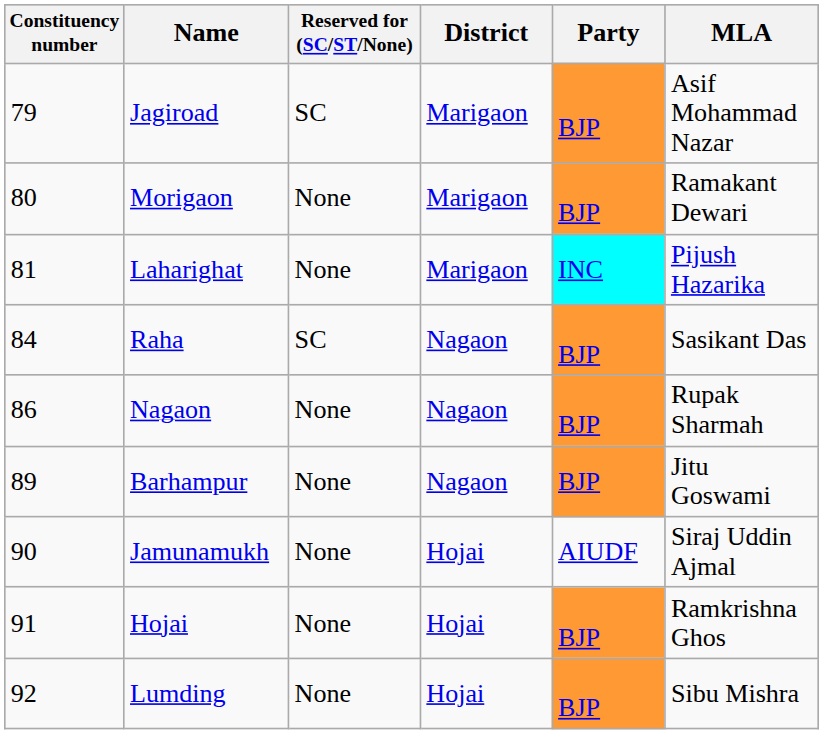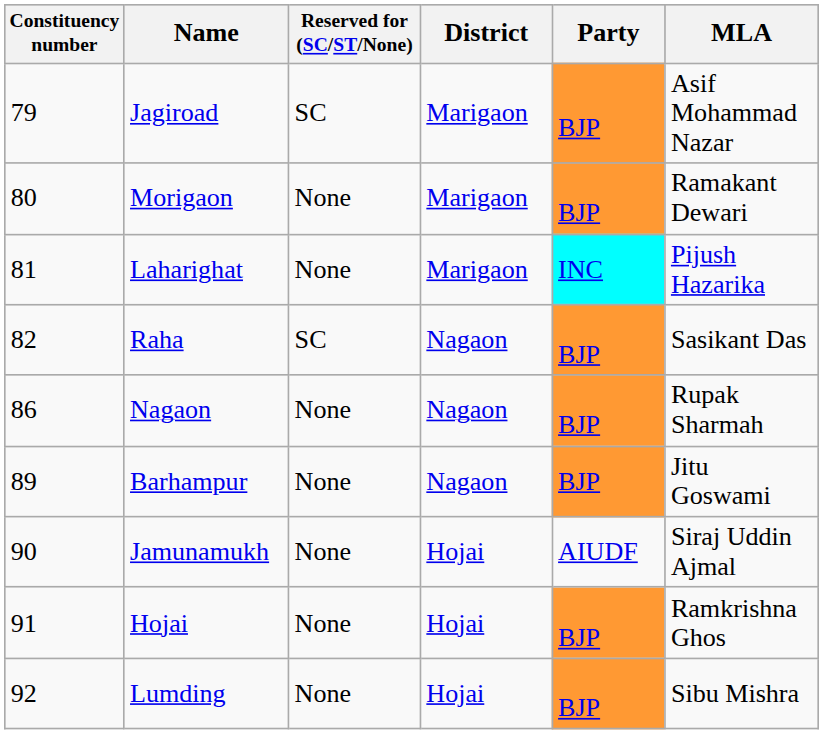 <table class="wikitable" width="500px">
 <tr>
 <th width="50px" style="font-size:75%">Constituency number</th>
 <th width="150px">Name</th>
 <th width="100px" style="font-size:75%">Reserved for (<a href='#'>SC</a>/<a href='#'>ST</a>/None)</th>
 <th width="150px">District</th>
 <th width="150px">Party</th>
 <th width="150px">MLA</th>
 </tr>
 <tr>
 <td>79</td>
 <td><a href='#'>Jagiroad</a></td>
 <td>SC</td>
 <td><a href='#'>Marigaon</a></td>
 <td bgcolor=#FF9933><br><a href='#'>BJP</a></td>
 <td>Asif Mohammad Nazar</td>
 </tr>
 <tr>
 <td>80</td>
 <td><a href='#'>Morigaon</a></td>
 <td>None</td>
 <td><a href='#'>Marigaon</a></td>
 <td bgcolor=#FF9933><br><a href='#'>BJP</a></td>
 <td>Ramakant Dewari</td>
 </tr>
 <tr>
 <td>81</td>
 <td><a href='#'>Laharighat</a></td>
 <td>None</td>
 <td><a href='#'>Marigaon</a></td>
 <td bgcolor=#00FFFF><a href='#'>INC</a></td>
 <td><a href='#'>Pijush Hazarika</a></td>
 </tr>
 <tr>
-<td>84</td>
+<td>82</td>
 <td><a href='#'>Raha</a></td>
 <td>SC</td>
 <td><a href='#'>Nagaon</a></td>
 <td bgcolor=#FF9933><br><a href='#'>BJP</a></td>
 <td>Sasikant Das</td>
 </tr>
 <tr>
 <td>86</td>
 <td><a href='#'>Nagaon</a></td>
 <td>None</td>
 <td><a href='#'>Nagaon</a></td>
 <td bgcolor=#FF9933><br><a href='#'>BJP</a></td>
 <td>Rupak Sharmah</td>
 </tr>
 <tr>
 <td>89</td>
 <td><a href='#'>Barhampur</a></td>
 <td>None</td>
 <td><a href='#'>Nagaon</a></td>
 <td bgcolor=#FF9933><a href='#'>BJP</a></td>
 <td>Jitu Goswami</td>
 </tr>
 <tr>
 <td>90</td>
 <td><a href='#'>Jamunamukh</a></td>
 <td>None</td>
 <td><a href='#'>Hojai</a></td>
 <td><a href='#'>AIUDF</a></td>
 <td>Siraj Uddin Ajmal</td>
 </tr>
 <tr>
 <td>91</td>
 <td><a href='#'>Hojai</a></td>
 <td>None</td>
 <td><a href='#'>Hojai</a></td>
 <td bgcolor=#FF9933><br><a href='#'>BJP</a></td>
 <td>Ramkrishna Ghos</td>
 </tr>
 <tr>
 <td>92</td>
 <td><a href='#'>Lumding</a></td>
 <td>None</td>
 <td><a href='#'>Hojai</a></td>
 <td bgcolor=#FF9933><br><a href='#'>BJP</a></td>
 <td>Sibu Mishra</td>
 </tr>
 </table>
